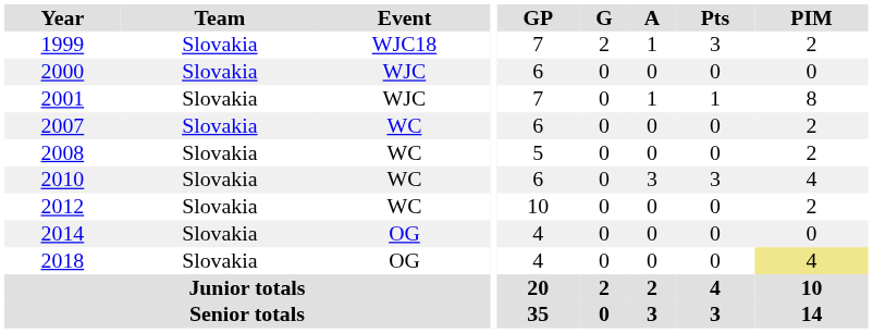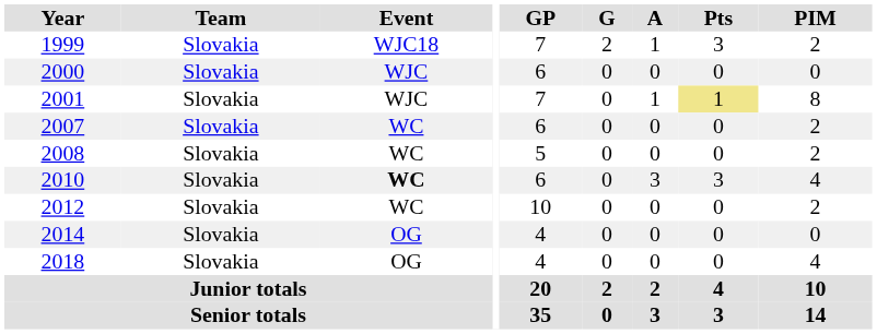 <table border="0" cellpadding="1" cellspacing="0" ID="Table3" style="text-align:center; width:40em">
 <tr ALIGN="center" bgcolor="#e0e0e0">
 <th>Year</th>
 <th>Team</th>
 <th>Event</th>
 <th rowspan="99" bgcolor="#ffffff"></th>
 <th>GP</th>
 <th>G</th>
 <th>A</th>
 <th>Pts</th>
 <th>PIM</th>
 </tr>
 <tr>
 <td><a href='#'>1999</a></td>
 <td><a href='#'>Slovakia</a></td>
 <td><a href='#'>WJC18</a></td>
 <td>7</td>
 <td>2</td>
 <td>1</td>
 <td>3</td>
 <td>2</td>
 </tr>
 <tr bgcolor="#f0f0f0">
 <td><a href='#'>2000</a></td>
 <td><a href='#'>Slovakia</a></td>
 <td><a href='#'>WJC</a></td>
 <td>6</td>
 <td>0</td>
 <td>0</td>
 <td>0</td>
 <td>0</td>
 </tr>
 <tr>
 <td><a href='#'>2001</a></td>
 <td>Slovakia</td>
 <td>WJC</td>
 <td>7</td>
 <td>0</td>
 <td>1</td>
-<td>1</td>
+<td style="background: khaki;">1</td>
 <td>8</td>
 </tr>
 <tr bgcolor="#f0f0f0">
 <td><a href='#'>2007</a></td>
 <td><a href='#'>Slovakia</a></td>
 <td><a href='#'>WC</a></td>
 <td>6</td>
 <td>0</td>
 <td>0</td>
 <td>0</td>
 <td>2</td>
 </tr>
 <tr>
 <td><a href='#'>2008</a></td>
 <td>Slovakia</td>
 <td>WC</td>
 <td>5</td>
 <td>0</td>
 <td>0</td>
 <td>0</td>
 <td>2</td>
 </tr>
 <tr bgcolor="#f0f0f0">
 <td><a href='#'>2010</a></td>
 <td>Slovakia</td>
-<td>WC</td>
+<td><strong>WC</strong></td>
 <td>6</td>
 <td>0</td>
 <td>3</td>
 <td>3</td>
 <td>4</td>
 </tr>
 <tr>
 <td><a href='#'>2012</a></td>
 <td>Slovakia</td>
 <td>WC</td>
 <td>10</td>
 <td>0</td>
 <td>0</td>
 <td>0</td>
 <td>2</td>
 </tr>
 <tr bgcolor="#f0f0f0">
 <td><a href='#'>2014</a></td>
 <td>Slovakia</td>
 <td><a href='#'>OG</a></td>
 <td>4</td>
 <td>0</td>
 <td>0</td>
 <td>0</td>
 <td>0</td>
 </tr>
 <tr>
 <td><a href='#'>2018</a></td>
 <td>Slovakia</td>
 <td>OG</td>
 <td>4</td>
 <td>0</td>
 <td>0</td>
 <td>0</td>
-<td style="background: khaki;">4</td>
+<td>4</td>
 </tr>
 <tr bgcolor="#e0e0e0">
 <th colspan="3">Junior totals</th>
 <th>20</th>
 <th>2</th>
 <th>2</th>
 <th>4</th>
 <th>10</th>
 </tr>
 <tr bgcolor="#e0e0e0">
 <th colspan="3">Senior totals</th>
 <th>35</th>
 <th>0</th>
 <th>3</th>
 <th>3</th>
 <th>14</th>
 </tr>
 </table>
